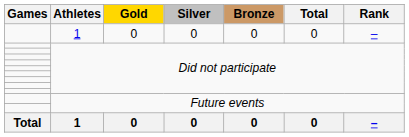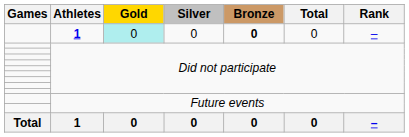 <table class="wikitable" style="text-align:center; font-size:90%;">
 <tr>
 <th>Games</th>
 <th>Athletes</th>
 <td style="background:gold; width:4.5em; font-weight:bold;">Gold</td>
 <td style="background:silver; width:4.5em; font-weight:bold;">Silver</td>
 <td style="background:#cc9966; width:4.5em; font-weight:bold;">Bronze</td>
 <th style="width:4.5em; font-weight:bold;">Total</th>
 <th style="width:4.5em; font-weight:bold;">Rank</th>
 </tr>
 <tr>
 <td align=left></td>
-<td><a href='#'>1</a></td>
+<td><strong><a href='#'>1</a></strong></td>
+<td style="background: paleturquoise;">0</td>
 <td>0</td>
-<td>0</td>
-<td>0</td>
+<td><strong>0</strong></td>
 <td>0</td>
 <td><a href='#'>–</a></td>
 </tr>
 <tr>
 <td align=left></td>
 <td colspan=6; rowspan=9><em>Did not participate</em></td>
 </tr>
 <tr>
 <td align=left></td>
 </tr>
 <tr>
 <td align=left></td>
 </tr>
 <tr>
 <td align=left></td>
 </tr>
 <tr>
 <td align=left></td>
 </tr>
 <tr>
 <td align=left></td>
 </tr>
 <tr>
 <td align=left></td>
 </tr>
 <tr>
 <td align=left></td>
 </tr>
 <tr>
 <td align=left></td>
 </tr>
 <tr>
 <td align=left></td>
 <td rowspan= 2 colspan=6><em>Future events</em></td>
 </tr>
 <tr>
 <td align=left></td>
 </tr>
 <tr>
 <th>Total</th>
 <th>1</th>
 <th>0</th>
 <th>0</th>
 <th>0</th>
 <th>0</th>
 <th><a href='#'>–</a></th>
 </tr>
 </table>
